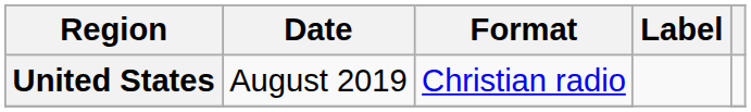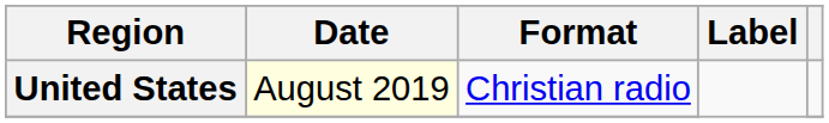 <table class="wikitable plainrowheaders">
 <tr>
 <th scope="col">Region</th>
 <th scope="col">Date</th>
 <th scope="col">Format</th>
 <th scope="col">Label</th>
 <th scope="col"></th>
 </tr>
 <tr>
 <th scope="row">United States</th>
-<td>August 2019</td>
+<td style="background: lightyellow;">August 2019</td>
 <td><a href='#'>Christian radio</a></td>
 <td rowspan="2"></td>
 <td></td>
 </tr>
 <tr>
 </tr>
 </table>
